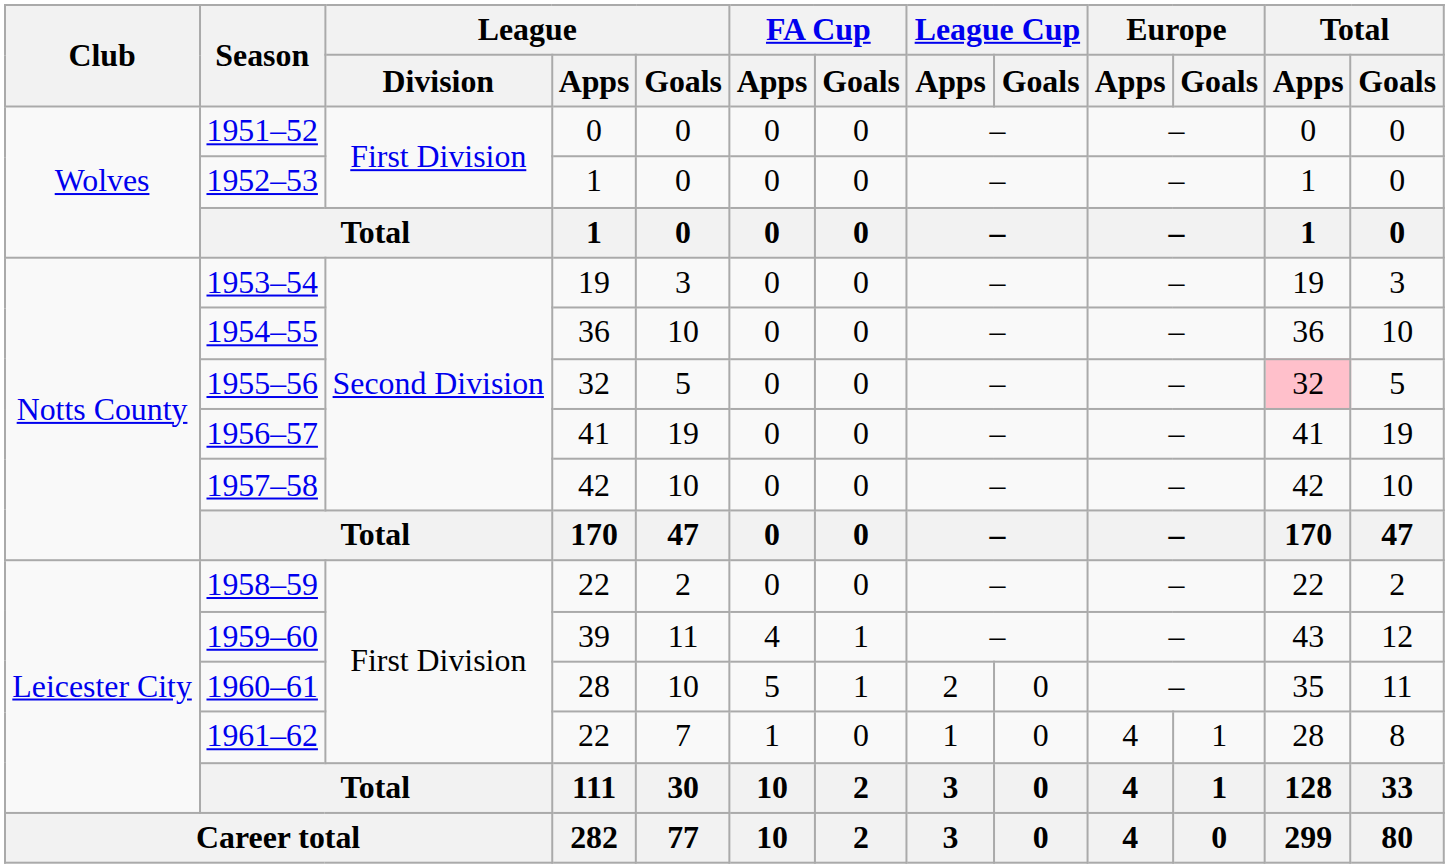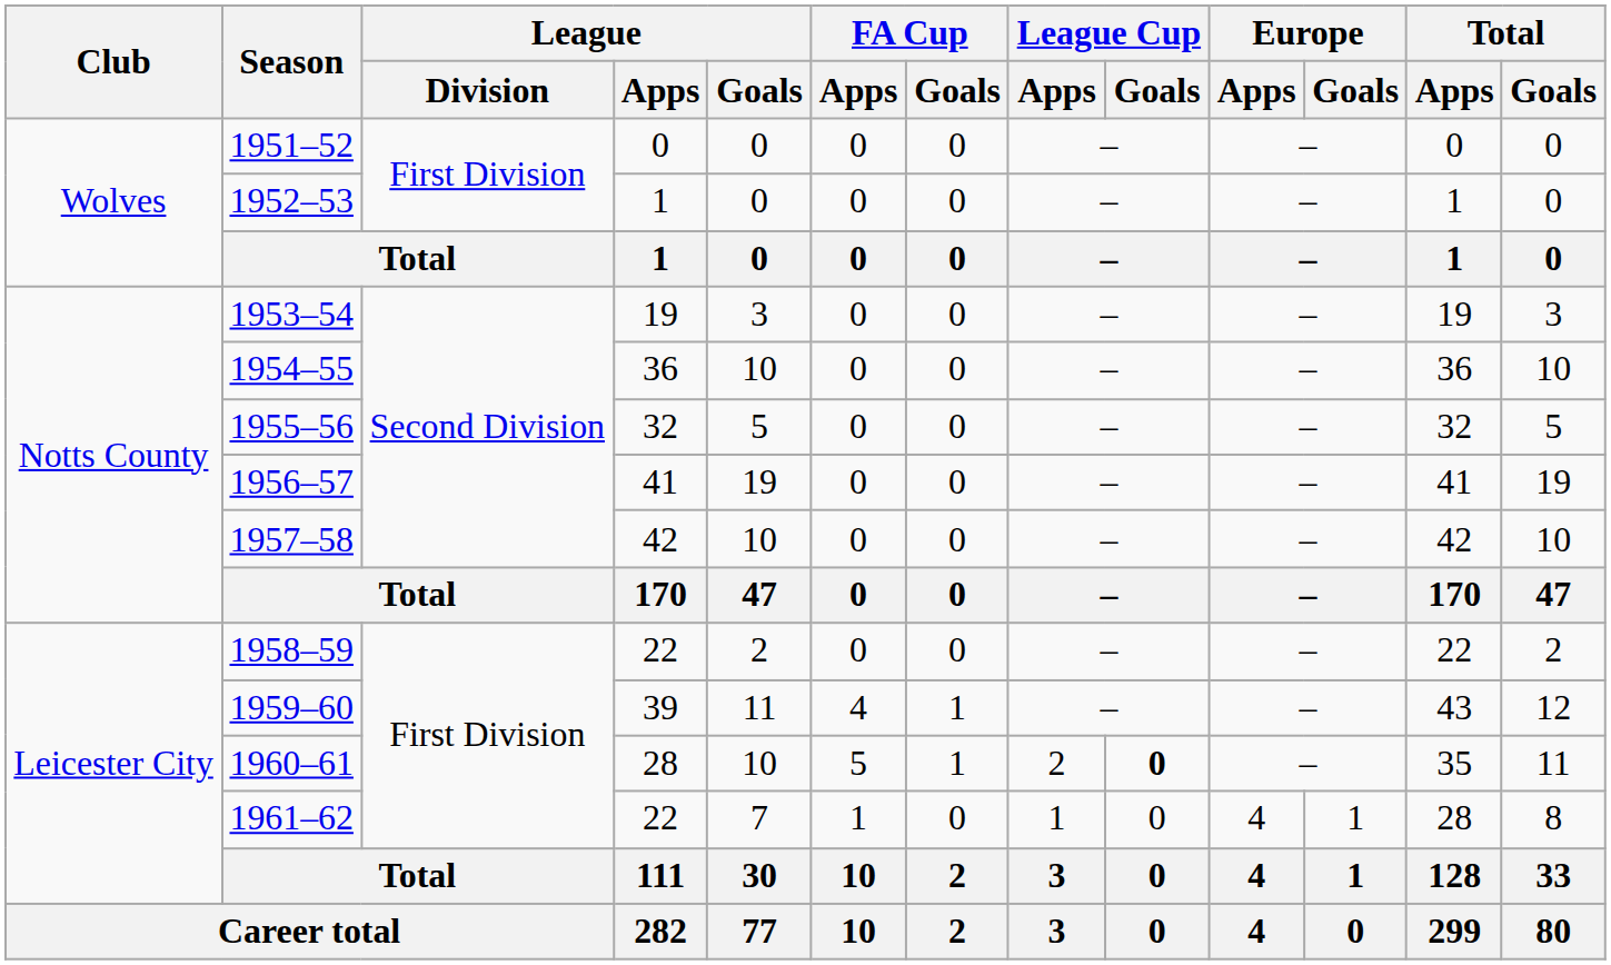 <table class="wikitable" style="text-align:center">
 <tr>
 <th rowspan="2">Club</th>
 <th rowspan="2">Season</th>
 <th colspan="3">League</th>
 <th colspan="2"><a href='#'>FA Cup</a></th>
 <th colspan="2"><a href='#'>League Cup</a></th>
 <th colspan="2">Europe</th>
 <th colspan="2">Total</th>
 </tr>
 <tr>
 <th>Division</th>
 <th>Apps</th>
 <th>Goals</th>
 <th>Apps</th>
 <th>Goals</th>
 <th>Apps</th>
 <th>Goals</th>
 <th>Apps</th>
 <th>Goals</th>
 <th>Apps</th>
 <th>Goals</th>
 </tr>
 <tr>
 <td rowspan="3"><a href='#'>Wolves</a></td>
 <td><a href='#'>1951–52</a></td>
 <td rowspan="2"><a href='#'>First Division</a></td>
 <td>0</td>
 <td>0</td>
 <td>0</td>
 <td>0</td>
 <td colspan="2">–</td>
 <td colspan="2">–</td>
 <td>0</td>
 <td>0</td>
 </tr>
 <tr>
 <td><a href='#'>1952–53</a></td>
 <td>1</td>
 <td>0</td>
 <td>0</td>
 <td>0</td>
 <td colspan="2">–</td>
 <td colspan="2">–</td>
 <td>1</td>
 <td>0</td>
 </tr>
 <tr>
 <th colspan="2">Total</th>
 <th>1</th>
 <th>0</th>
 <th>0</th>
 <th>0</th>
 <th colspan="2">–</th>
 <th colspan="2">–</th>
 <th>1</th>
 <th>0</th>
 </tr>
 <tr>
 <td rowspan="6"><a href='#'>Notts County</a></td>
 <td><a href='#'>1953–54</a></td>
 <td rowspan="5"><a href='#'>Second Division</a></td>
 <td>19</td>
 <td>3</td>
 <td>0</td>
 <td>0</td>
 <td colspan="2">–</td>
 <td colspan="2">–</td>
 <td>19</td>
 <td>3</td>
 </tr>
 <tr>
 <td><a href='#'>1954–55</a></td>
 <td>36</td>
 <td>10</td>
 <td>0</td>
 <td>0</td>
 <td colspan="2">–</td>
 <td colspan="2">–</td>
 <td>36</td>
 <td>10</td>
 </tr>
 <tr>
 <td><a href='#'>1955–56</a></td>
 <td>32</td>
 <td>5</td>
 <td>0</td>
 <td>0</td>
 <td colspan="2">–</td>
 <td colspan="2">–</td>
-<td style="background: pink;">32</td>
+<td>32</td>
 <td>5</td>
 </tr>
 <tr>
 <td><a href='#'>1956–57</a></td>
 <td>41</td>
 <td>19</td>
 <td>0</td>
 <td>0</td>
 <td colspan="2">–</td>
 <td colspan="2">–</td>
 <td>41</td>
 <td>19</td>
 </tr>
 <tr>
 <td><a href='#'>1957–58</a></td>
 <td>42</td>
 <td>10</td>
 <td>0</td>
 <td>0</td>
 <td colspan="2">–</td>
 <td colspan="2">–</td>
 <td>42</td>
 <td>10</td>
 </tr>
 <tr>
 <th colspan="2">Total</th>
 <th>170</th>
 <th>47</th>
 <th>0</th>
 <th>0</th>
 <th colspan="2">–</th>
 <th colspan="2">–</th>
 <th>170</th>
 <th>47</th>
 </tr>
 <tr>
 <td rowspan="5"><a href='#'>Leicester City</a></td>
 <td><a href='#'>1958–59</a></td>
 <td rowspan="4">First Division</td>
 <td>22</td>
 <td>2</td>
 <td>0</td>
 <td>0</td>
 <td colspan="2">–</td>
 <td colspan="2">–</td>
 <td>22</td>
 <td>2</td>
 </tr>
 <tr>
 <td><a href='#'>1959–60</a></td>
 <td>39</td>
 <td>11</td>
 <td>4</td>
 <td>1</td>
 <td colspan="2">–</td>
 <td colspan="2">–</td>
 <td>43</td>
 <td>12</td>
 </tr>
 <tr>
 <td><a href='#'>1960–61</a></td>
 <td>28</td>
 <td>10</td>
 <td>5</td>
 <td>1</td>
 <td>2</td>
-<td>0</td>
+<td><strong>0</strong></td>
 <td colspan="2">–</td>
 <td>35</td>
 <td>11</td>
 </tr>
 <tr>
 <td><a href='#'>1961–62</a></td>
 <td>22</td>
 <td>7</td>
 <td>1</td>
 <td>0</td>
 <td>1</td>
 <td>0</td>
 <td>4</td>
 <td>1</td>
 <td>28</td>
 <td>8</td>
 </tr>
 <tr>
 <th colspan="2">Total</th>
 <th>111</th>
 <th>30</th>
 <th>10</th>
 <th>2</th>
 <th>3</th>
 <th>0</th>
 <th>4</th>
 <th>1</th>
 <th>128</th>
 <th>33</th>
 </tr>
 <tr>
 <th colspan="3">Career total</th>
 <th>282</th>
 <th>77</th>
 <th>10</th>
 <th>2</th>
 <th>3</th>
 <th>0</th>
 <th>4</th>
 <th>0</th>
 <th>299</th>
 <th>80</th>
 </tr>
 </table>
